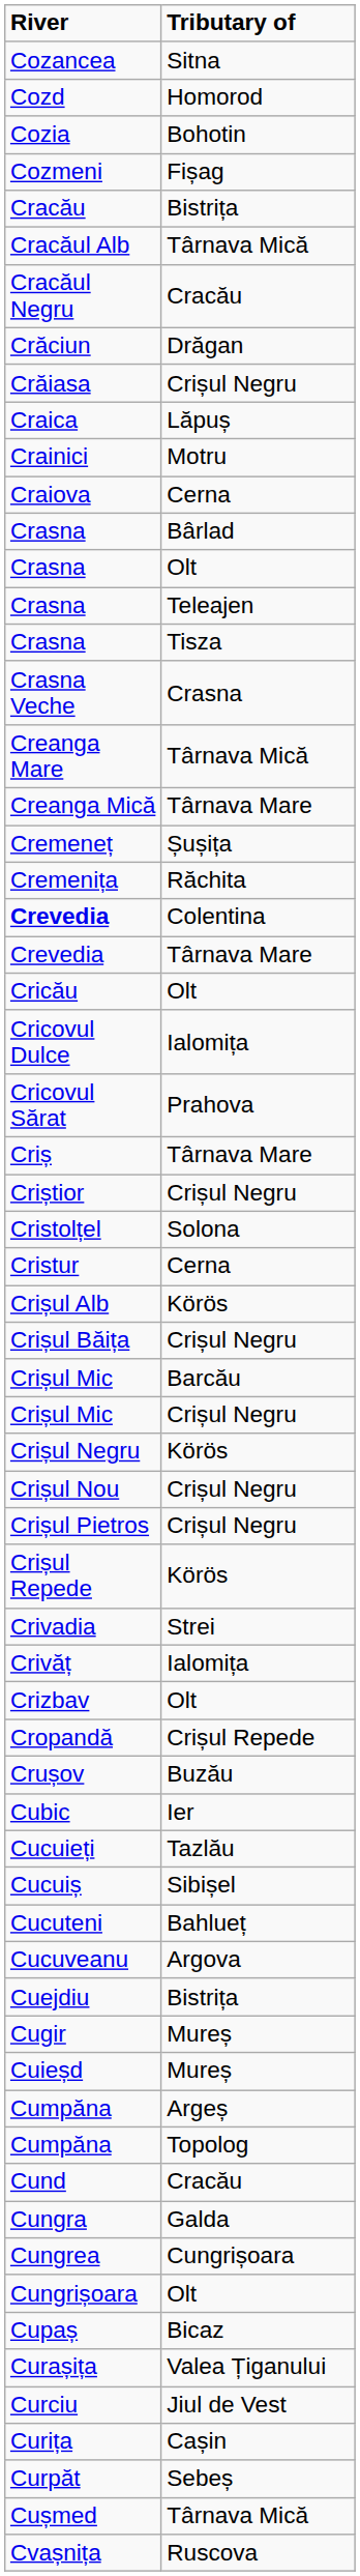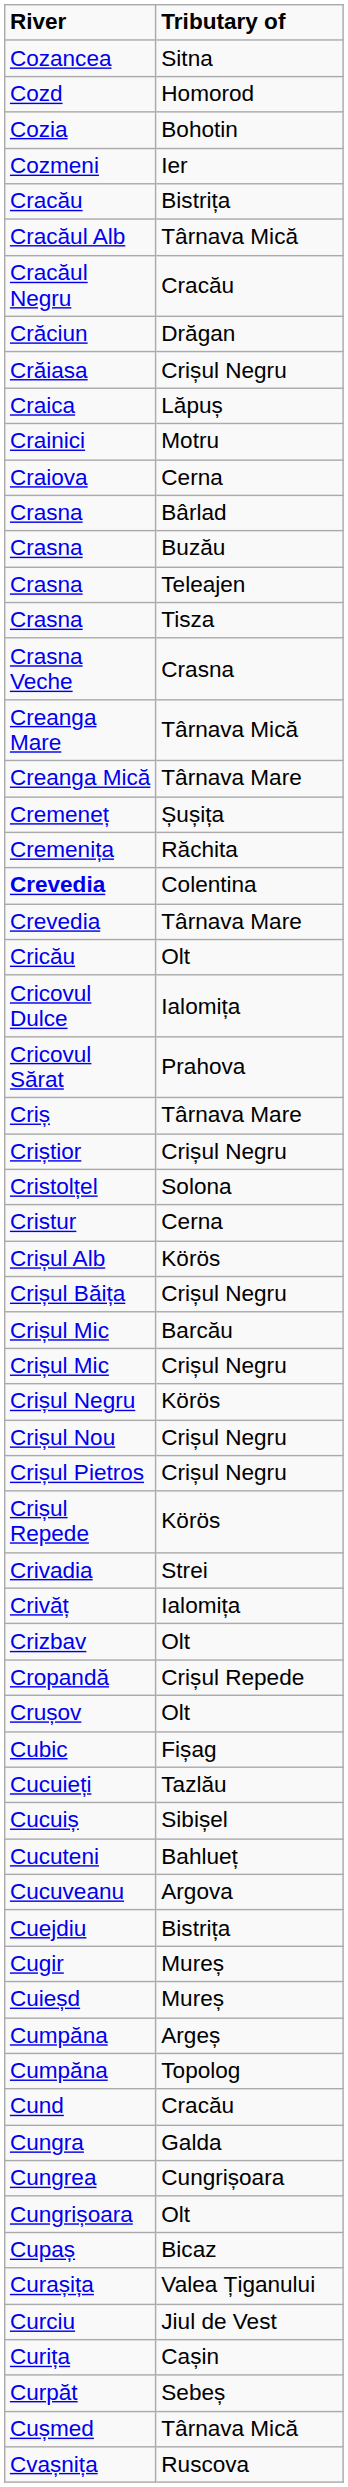 <table class="wikitable">
 <tr>
 <td width="100pt"><strong>River</strong></td>
 <td width="125pt"><strong>Tributary of</strong></td>
 </tr>
 <tr>
 <td><a href='#'>Cozancea</a></td>
 <td>Sitna</td>
 </tr>
 <tr>
 <td><a href='#'>Cozd</a></td>
 <td>Homorod</td>
 </tr>
 <tr>
 <td><a href='#'>Cozia</a></td>
 <td>Bohotin</td>
 </tr>
 <tr>
 <td><a href='#'>Cozmeni</a></td>
-<td>Fișag</td>
+<td>Ier</td>
 </tr>
 <tr>
 <td><a href='#'>Cracău</a></td>
 <td>Bistrița</td>
 </tr>
 <tr>
 <td><a href='#'>Cracăul Alb</a></td>
 <td>Târnava Mică</td>
 </tr>
 <tr>
 <td><a href='#'>Cracăul Negru</a></td>
 <td>Cracău</td>
 </tr>
 <tr>
 <td><a href='#'>Crăciun</a></td>
 <td>Drăgan</td>
 </tr>
 <tr>
 <td><a href='#'>Crăiasa</a></td>
 <td>Crișul Negru</td>
 </tr>
 <tr>
 <td><a href='#'>Craica</a></td>
 <td>Lăpuș</td>
 </tr>
 <tr>
 <td><a href='#'>Crainici</a></td>
 <td>Motru</td>
 </tr>
 <tr>
 <td><a href='#'>Craiova</a></td>
 <td>Cerna</td>
 </tr>
 <tr>
 <td><a href='#'>Crasna</a></td>
 <td>Bârlad</td>
 </tr>
 <tr>
 <td><a href='#'>Crasna</a></td>
-<td>Olt</td>
+<td>Buzău</td>
 </tr>
 <tr>
 <td><a href='#'>Crasna</a></td>
 <td>Teleajen</td>
 </tr>
 <tr>
 <td><a href='#'>Crasna</a></td>
 <td>Tisza</td>
 </tr>
 <tr>
 <td><a href='#'>Crasna Veche</a></td>
 <td>Crasna</td>
 </tr>
 <tr>
 <td><a href='#'>Creanga Mare</a></td>
 <td>Târnava Mică</td>
 </tr>
 <tr>
 <td><a href='#'>Creanga Mică</a></td>
 <td>Târnava Mare</td>
 </tr>
 <tr>
 <td><a href='#'>Cremeneț</a></td>
 <td>Șușița</td>
 </tr>
 <tr>
 <td><a href='#'>Cremenița</a></td>
 <td>Răchita</td>
 </tr>
 <tr>
 <td><strong><a href='#'>Crevedia</a></strong></td>
 <td>Colentina</td>
 </tr>
 <tr>
 <td><a href='#'>Crevedia</a></td>
 <td>Târnava Mare</td>
 </tr>
 <tr>
 <td><a href='#'>Cricău</a></td>
 <td>Olt</td>
 </tr>
 <tr>
 <td><a href='#'>Cricovul Dulce</a></td>
 <td>Ialomița</td>
 </tr>
 <tr>
 <td><a href='#'>Cricovul Sărat</a></td>
 <td>Prahova</td>
 </tr>
 <tr>
 <td><a href='#'>Criș</a></td>
 <td>Târnava Mare</td>
 </tr>
 <tr>
 <td><a href='#'>Criștior</a></td>
 <td>Crișul Negru</td>
 </tr>
 <tr>
 <td><a href='#'>Cristolțel</a></td>
 <td>Solona</td>
 </tr>
 <tr>
 <td><a href='#'>Cristur</a></td>
 <td>Cerna</td>
 </tr>
 <tr>
 <td><a href='#'>Crișul Alb</a></td>
 <td>Körös</td>
 </tr>
 <tr>
 <td><a href='#'>Crișul Băița</a></td>
 <td>Crișul Negru</td>
 </tr>
 <tr>
 <td><a href='#'>Crișul Mic</a></td>
 <td>Barcău</td>
 </tr>
 <tr>
 <td><a href='#'>Crișul Mic</a></td>
 <td>Crișul Negru</td>
 </tr>
 <tr>
 <td><a href='#'>Crișul Negru</a></td>
 <td>Körös</td>
 </tr>
 <tr>
 <td><a href='#'>Crișul Nou</a></td>
 <td>Crișul Negru</td>
 </tr>
 <tr>
 <td><a href='#'>Crișul Pietros</a></td>
 <td>Crișul Negru</td>
 </tr>
 <tr>
 <td><a href='#'>Crișul Repede</a></td>
 <td>Körös</td>
 </tr>
 <tr>
 <td><a href='#'>Crivadia</a></td>
 <td>Strei</td>
 </tr>
 <tr>
 <td><a href='#'>Crivăț</a></td>
 <td>Ialomița</td>
 </tr>
 <tr>
 <td><a href='#'>Crizbav</a></td>
 <td>Olt</td>
 </tr>
 <tr>
 <td><a href='#'>Cropandă</a></td>
 <td>Crișul Repede</td>
 </tr>
 <tr>
 <td><a href='#'>Crușov</a></td>
-<td>Buzău</td>
+<td>Olt</td>
 </tr>
 <tr>
 <td><a href='#'>Cubic</a></td>
-<td>Ier</td>
+<td>Fișag</td>
 </tr>
 <tr>
 <td><a href='#'>Cucuieți</a></td>
 <td>Tazlău</td>
 </tr>
 <tr>
 <td><a href='#'>Cucuiș</a></td>
 <td>Sibișel</td>
 </tr>
 <tr>
 <td><a href='#'>Cucuteni</a></td>
 <td>Bahlueț</td>
 </tr>
 <tr>
 <td><a href='#'>Cucuveanu</a></td>
 <td>Argova</td>
 </tr>
 <tr>
 <td><a href='#'>Cuejdiu</a></td>
 <td>Bistrița</td>
 </tr>
 <tr>
 <td><a href='#'>Cugir</a></td>
 <td>Mureș</td>
 </tr>
 <tr>
 <td><a href='#'>Cuieșd</a></td>
 <td>Mureș</td>
 </tr>
 <tr>
 <td><a href='#'>Cumpăna</a></td>
 <td>Argeș</td>
 </tr>
 <tr>
 <td><a href='#'>Cumpăna</a></td>
 <td>Topolog</td>
 </tr>
 <tr>
 <td><a href='#'>Cund</a></td>
 <td>Cracău</td>
 </tr>
 <tr>
 <td><a href='#'>Cungra</a></td>
 <td>Galda</td>
 </tr>
 <tr>
 <td><a href='#'>Cungrea</a></td>
 <td>Cungrișoara</td>
 </tr>
 <tr>
 <td><a href='#'>Cungrișoara</a></td>
 <td>Olt</td>
 </tr>
 <tr>
 <td><a href='#'>Cupaș</a></td>
 <td>Bicaz</td>
 </tr>
 <tr>
 <td><a href='#'>Curașița</a></td>
 <td>Valea Țiganului</td>
 </tr>
 <tr>
 <td><a href='#'>Curciu</a></td>
 <td>Jiul de Vest</td>
 </tr>
 <tr>
 <td><a href='#'>Curița</a></td>
 <td>Cașin</td>
 </tr>
 <tr>
 <td><a href='#'>Curpăt</a></td>
 <td>Sebeș</td>
 </tr>
 <tr>
 <td><a href='#'>Cușmed</a></td>
 <td>Târnava Mică</td>
 </tr>
 <tr>
 <td><a href='#'>Cvașnița</a></td>
 <td>Ruscova</td>
 </tr>
 </table>
